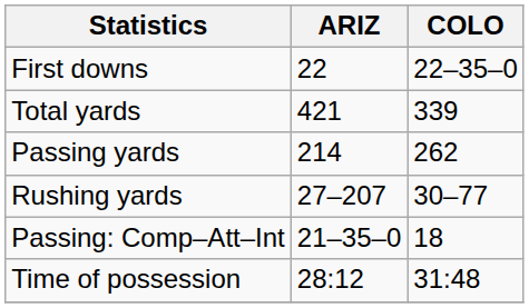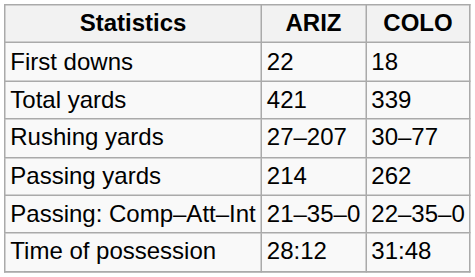 <table class="wikitable" style="float: left;">
 <tr>
 <th>Statistics</th>
 <th>ARIZ</th>
 <th>COLO</th>
 </tr>
 <tr>
 <td>First downs</td>
 <td>22</td>
-<td>22–35–0</td>
+<td>18</td>
 </tr>
 <tr>
 <td>Total yards</td>
 <td>421</td>
 <td>339</td>
 </tr>
 <tr>
+<td>Rushing yards</td>
+<td>27–207</td>
+<td>30–77</td>
+</tr>
+<tr>
 <td>Passing yards</td>
 <td>214</td>
 <td>262</td>
 </tr>
 <tr>
-<td>Rushing yards</td>
-<td>27–207</td>
-<td>30–77</td>
-</tr>
-<tr>
 <td>Passing: Comp–Att–Int</td>
 <td>21–35–0</td>
-<td>18</td>
+<td>22–35–0</td>
 </tr>
 <tr>
 <td>Time of possession</td>
 <td>28:12</td>
 <td>31:48</td>
 </tr>
 <tr>
 </tr>
 </table>
